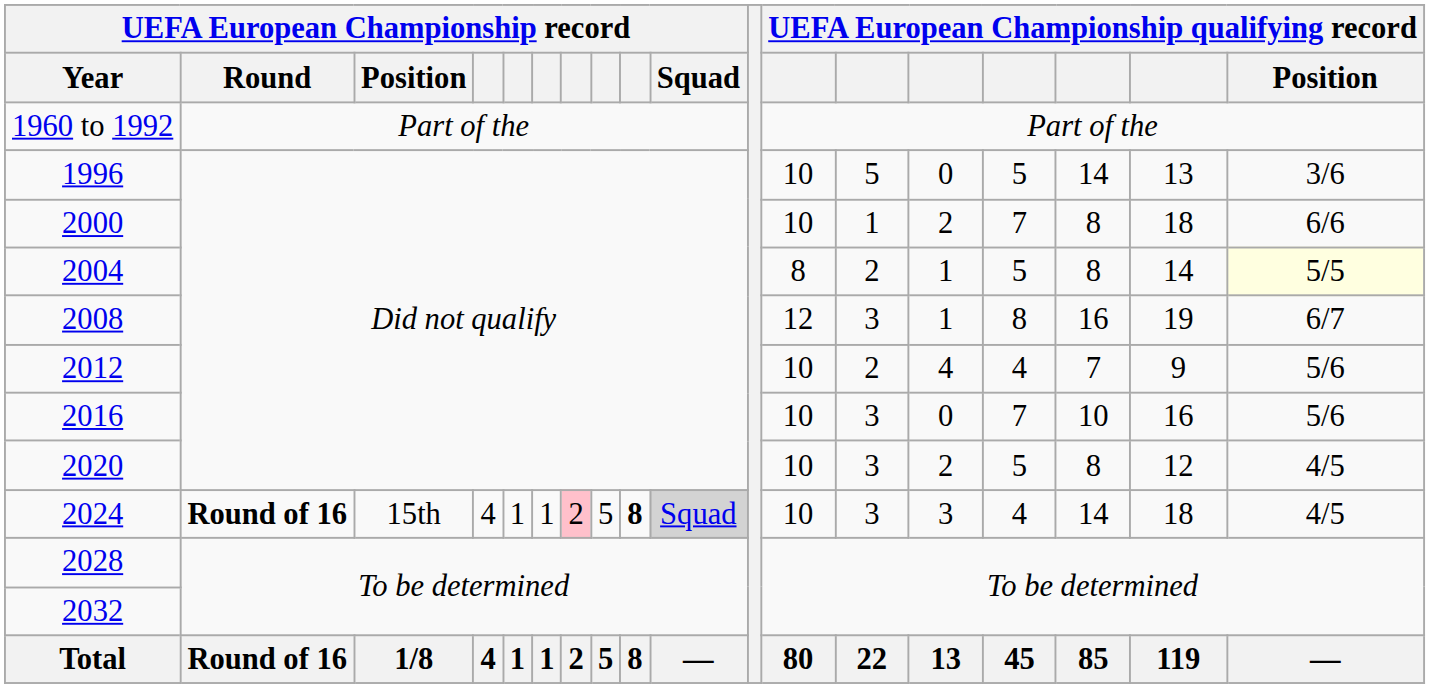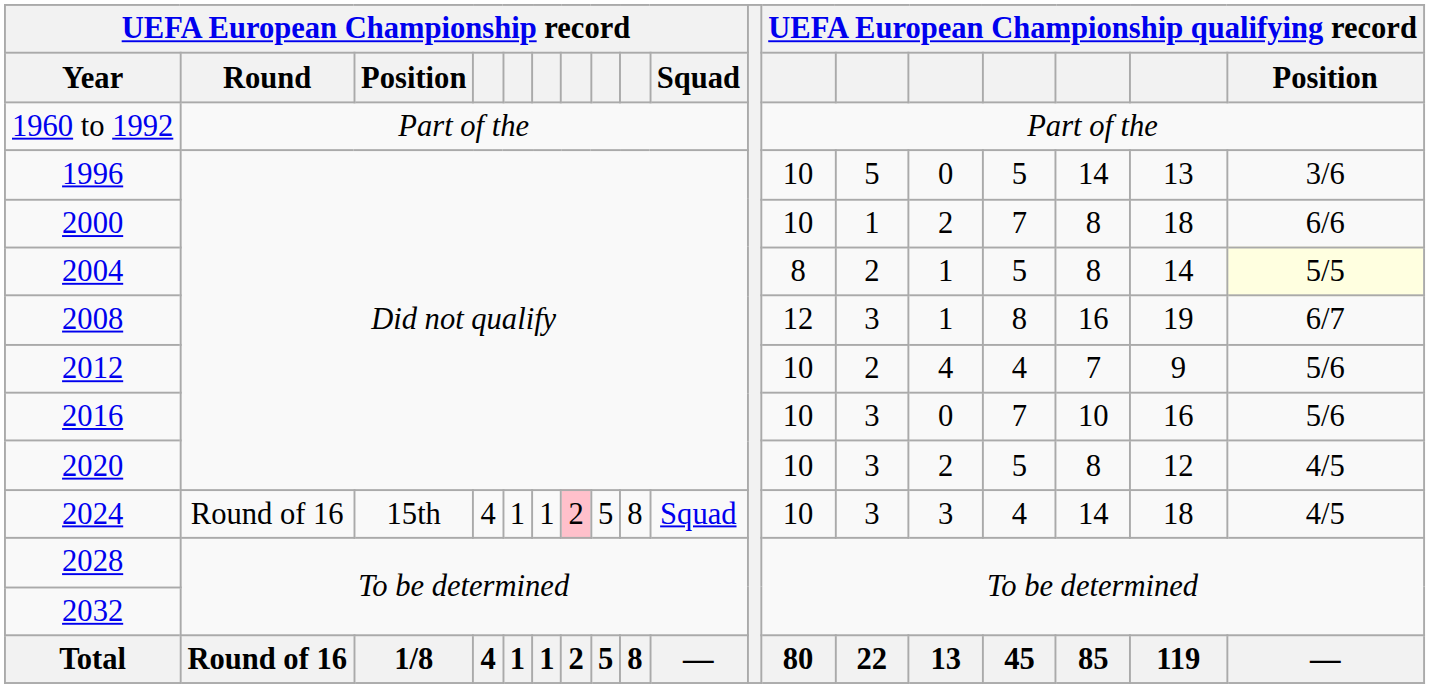 <table class="wikitable" style="text-align:center">
 <tr>
 <th colspan=10><a href='#'>UEFA European Championship</a> record</th>
 <th width=1% rowspan=14></th>
 <th colspan=8><a href='#'>UEFA European Championship qualifying</a> record</th>
 </tr>
 <tr>
 <th>Year</th>
 <th>Round</th>
 <th>Position</th>
 <th></th>
 <th></th>
 <th></th>
 <th></th>
 <th></th>
 <th></th>
 <th>Squad</th>
 <th></th>
 <th></th>
 <th></th>
 <th></th>
 <th></th>
 <th></th>
 <th>Position</th>
 </tr>
 <tr>
 <td> <a href='#'>1960</a> to  <a href='#'>1992</a></td>
 <td colspan=9><em>Part of the </em></td>
 <td colspan=7><em>Part of the </em></td>
 </tr>
 <tr>
 <td> <a href='#'>1996</a></td>
 <td rowspan=7 colspan=9><em>Did not qualify</em></td>
 <td>10</td>
 <td>5</td>
 <td>0</td>
 <td>5</td>
 <td>14</td>
 <td>13</td>
 <td>3/6</td>
 </tr>
 <tr>
 <td>  <a href='#'>2000</a></td>
 <td>10</td>
 <td>1</td>
 <td>2</td>
 <td>7</td>
 <td>8</td>
 <td>18</td>
 <td>6/6</td>
 </tr>
 <tr>
 <td> <a href='#'>2004</a></td>
 <td>8</td>
 <td>2</td>
 <td>1</td>
 <td>5</td>
 <td>8</td>
 <td>14</td>
 <td style="background: lightyellow;">5/5</td>
 </tr>
 <tr>
 <td>  <a href='#'>2008</a></td>
 <td>12</td>
 <td>3</td>
 <td>1</td>
 <td>8</td>
 <td>16</td>
 <td>19</td>
 <td>6/7</td>
 </tr>
 <tr>
 <td>  <a href='#'>2012</a></td>
 <td>10</td>
 <td>2</td>
 <td>4</td>
 <td>4</td>
 <td>7</td>
 <td>9</td>
 <td>5/6</td>
 </tr>
 <tr>
 <td> <a href='#'>2016</a></td>
 <td>10</td>
 <td>3</td>
 <td>0</td>
 <td>7</td>
 <td>10</td>
 <td>16</td>
 <td>5/6</td>
 </tr>
 <tr>
 <td> <a href='#'>2020</a></td>
 <td>10</td>
 <td>3</td>
 <td>2</td>
 <td>5</td>
 <td>8</td>
 <td>12</td>
 <td>4/5 </td>
 </tr>
 <tr>
 <td> <a href='#'>2024</a></td>
-<td><strong>Round of 16</strong></td>
+<td>Round of 16</td>
 <td>15th</td>
 <td>4</td>
 <td>1</td>
 <td>1</td>
 <td style="background: pink;">2</td>
 <td>5</td>
-<td><strong>8</strong></td>
-<td style="background: lightgrey;"><a href='#'>Squad</a></td>
+<td>8</td>
+<td><a href='#'>Squad</a></td>
 <td>10</td>
 <td>3</td>
 <td>3</td>
 <td>4</td>
 <td>14</td>
 <td>18</td>
 <td>4/5 </td>
 </tr>
 <tr>
 <td>  <a href='#'>2028</a></td>
 <td colspan="9" rowspan="2"><em>To be determined</em></td>
 <td colspan="7" rowspan="2"><em>To be determined</em></td>
 </tr>
 <tr>
 <td>  <a href='#'>2032</a></td>
 </tr>
 <tr>
 <th>Total</th>
 <th>Round of 16</th>
 <th>1/8</th>
 <th>4</th>
 <th>1</th>
 <th>1</th>
 <th>2</th>
 <th>5</th>
 <th>8</th>
 <th>—</th>
 <th>80</th>
 <th>22</th>
 <th>13</th>
 <th>45</th>
 <th>85</th>
 <th>119</th>
 <th>—</th>
 </tr>
 </table>
